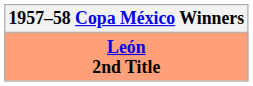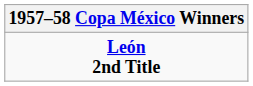 <table class="wikitable" style="text-align: center; margin: 0 auto;">
 <tr>
 <th>1957–58 <a href='#'>Copa México</a> Winners</th>
 </tr>
 <tr>
-<td style="background: lightsalmon;"><strong><a href='#'>León</a></strong><br><strong>2nd Title</strong></td>
+<td><strong><a href='#'>León</a></strong><br><strong>2nd Title</strong></td>
 </tr>
 </table>
